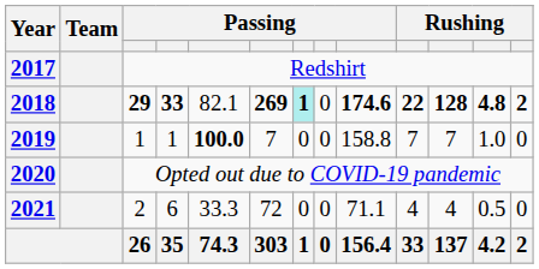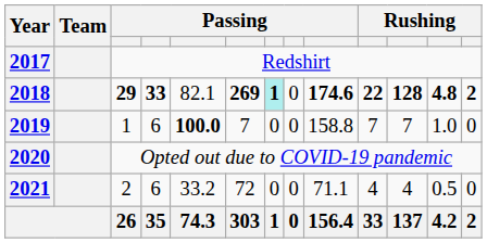 <table class="wikitable" style="text-align:center;">
 <tr>
 <th rowspan="2">Year</th>
 <th rowspan="2">Team</th>
 <th colspan="7">Passing</th>
 <th colspan="4">Rushing</th>
 </tr>
 <tr>
 <th></th>
 <th></th>
 <th></th>
 <th></th>
 <th></th>
 <th></th>
 <th></th>
 <th></th>
 <th></th>
 <th></th>
 <th></th>
 </tr>
 <tr>
 <th><a href='#'>2017</a></th>
 <th><a href='#'></a></th>
 <td colspan="11"><a href='#'>Redshirt</a></td>
 </tr>
 <tr>
 <th><a href='#'>2018</a></th>
 <th><a href='#'></a></th>
 <td><strong>29</strong></td>
 <td><strong>33</strong></td>
 <td>82.1</td>
 <td><strong>269</strong></td>
 <td style="background: paleturquoise;"><strong>1</strong></td>
 <td>0</td>
 <td><strong>174.6</strong></td>
 <td><strong>22</strong></td>
 <td><strong>128</strong></td>
 <td><strong>4.8</strong></td>
 <td><strong>2</strong></td>
 </tr>
 <tr>
 <th><a href='#'>2019</a></th>
 <th><a href='#'></a></th>
 <td>1</td>
-<td>1</td>
+<td>6</td>
 <td><strong>100.0</strong></td>
 <td>7</td>
 <td>0</td>
 <td>0</td>
 <td>158.8</td>
 <td>7</td>
 <td>7</td>
 <td>1.0</td>
 <td>0</td>
 </tr>
 <tr>
 <th><a href='#'>2020</a></th>
 <th><a href='#'></a></th>
 <td colspan="11"><em>Opted out due to <a href='#'>COVID-19 pandemic</a></em></td>
 </tr>
 <tr>
 <th><a href='#'>2021</a></th>
 <th><a href='#'></a></th>
 <td>2</td>
 <td>6</td>
-<td>33.3</td>
+<td>33.2</td>
 <td>72</td>
 <td>0</td>
 <td>0</td>
 <td>71.1</td>
 <td>4</td>
 <td>4</td>
 <td>0.5</td>
 <td>0</td>
 </tr>
 <tr>
 <th colspan="2"></th>
 <th>26</th>
 <th>35</th>
 <th>74.3</th>
 <th>303</th>
 <th>1</th>
 <th>0</th>
 <th>156.4</th>
 <th>33</th>
 <th>137</th>
 <th>4.2</th>
 <th>2</th>
 </tr>
 </table>
